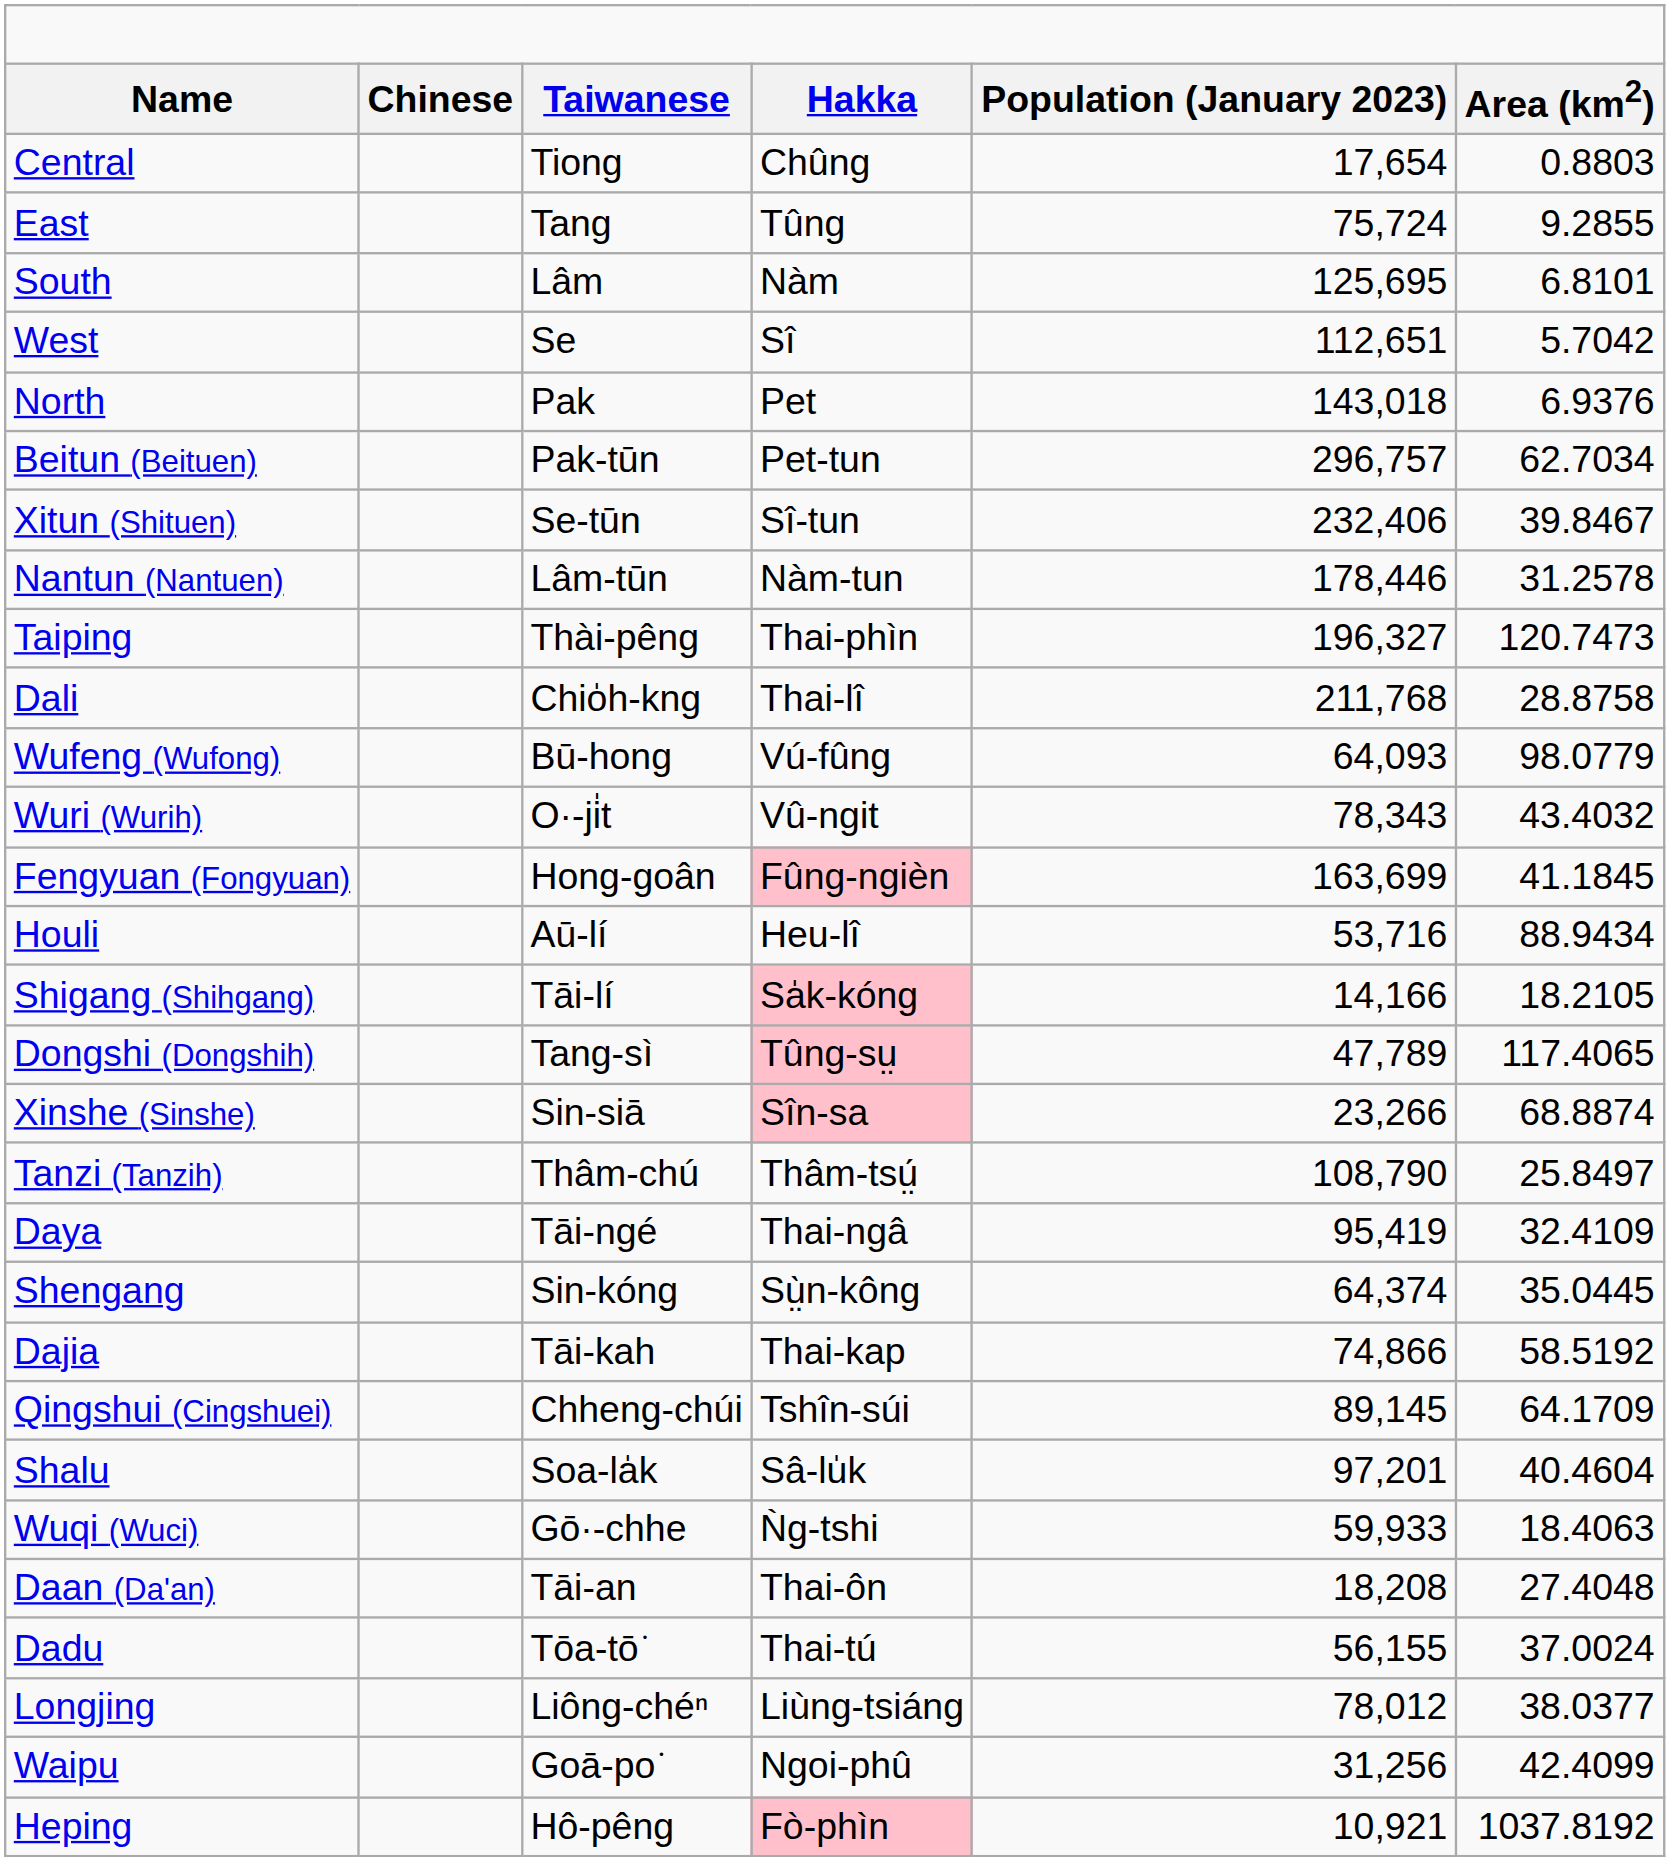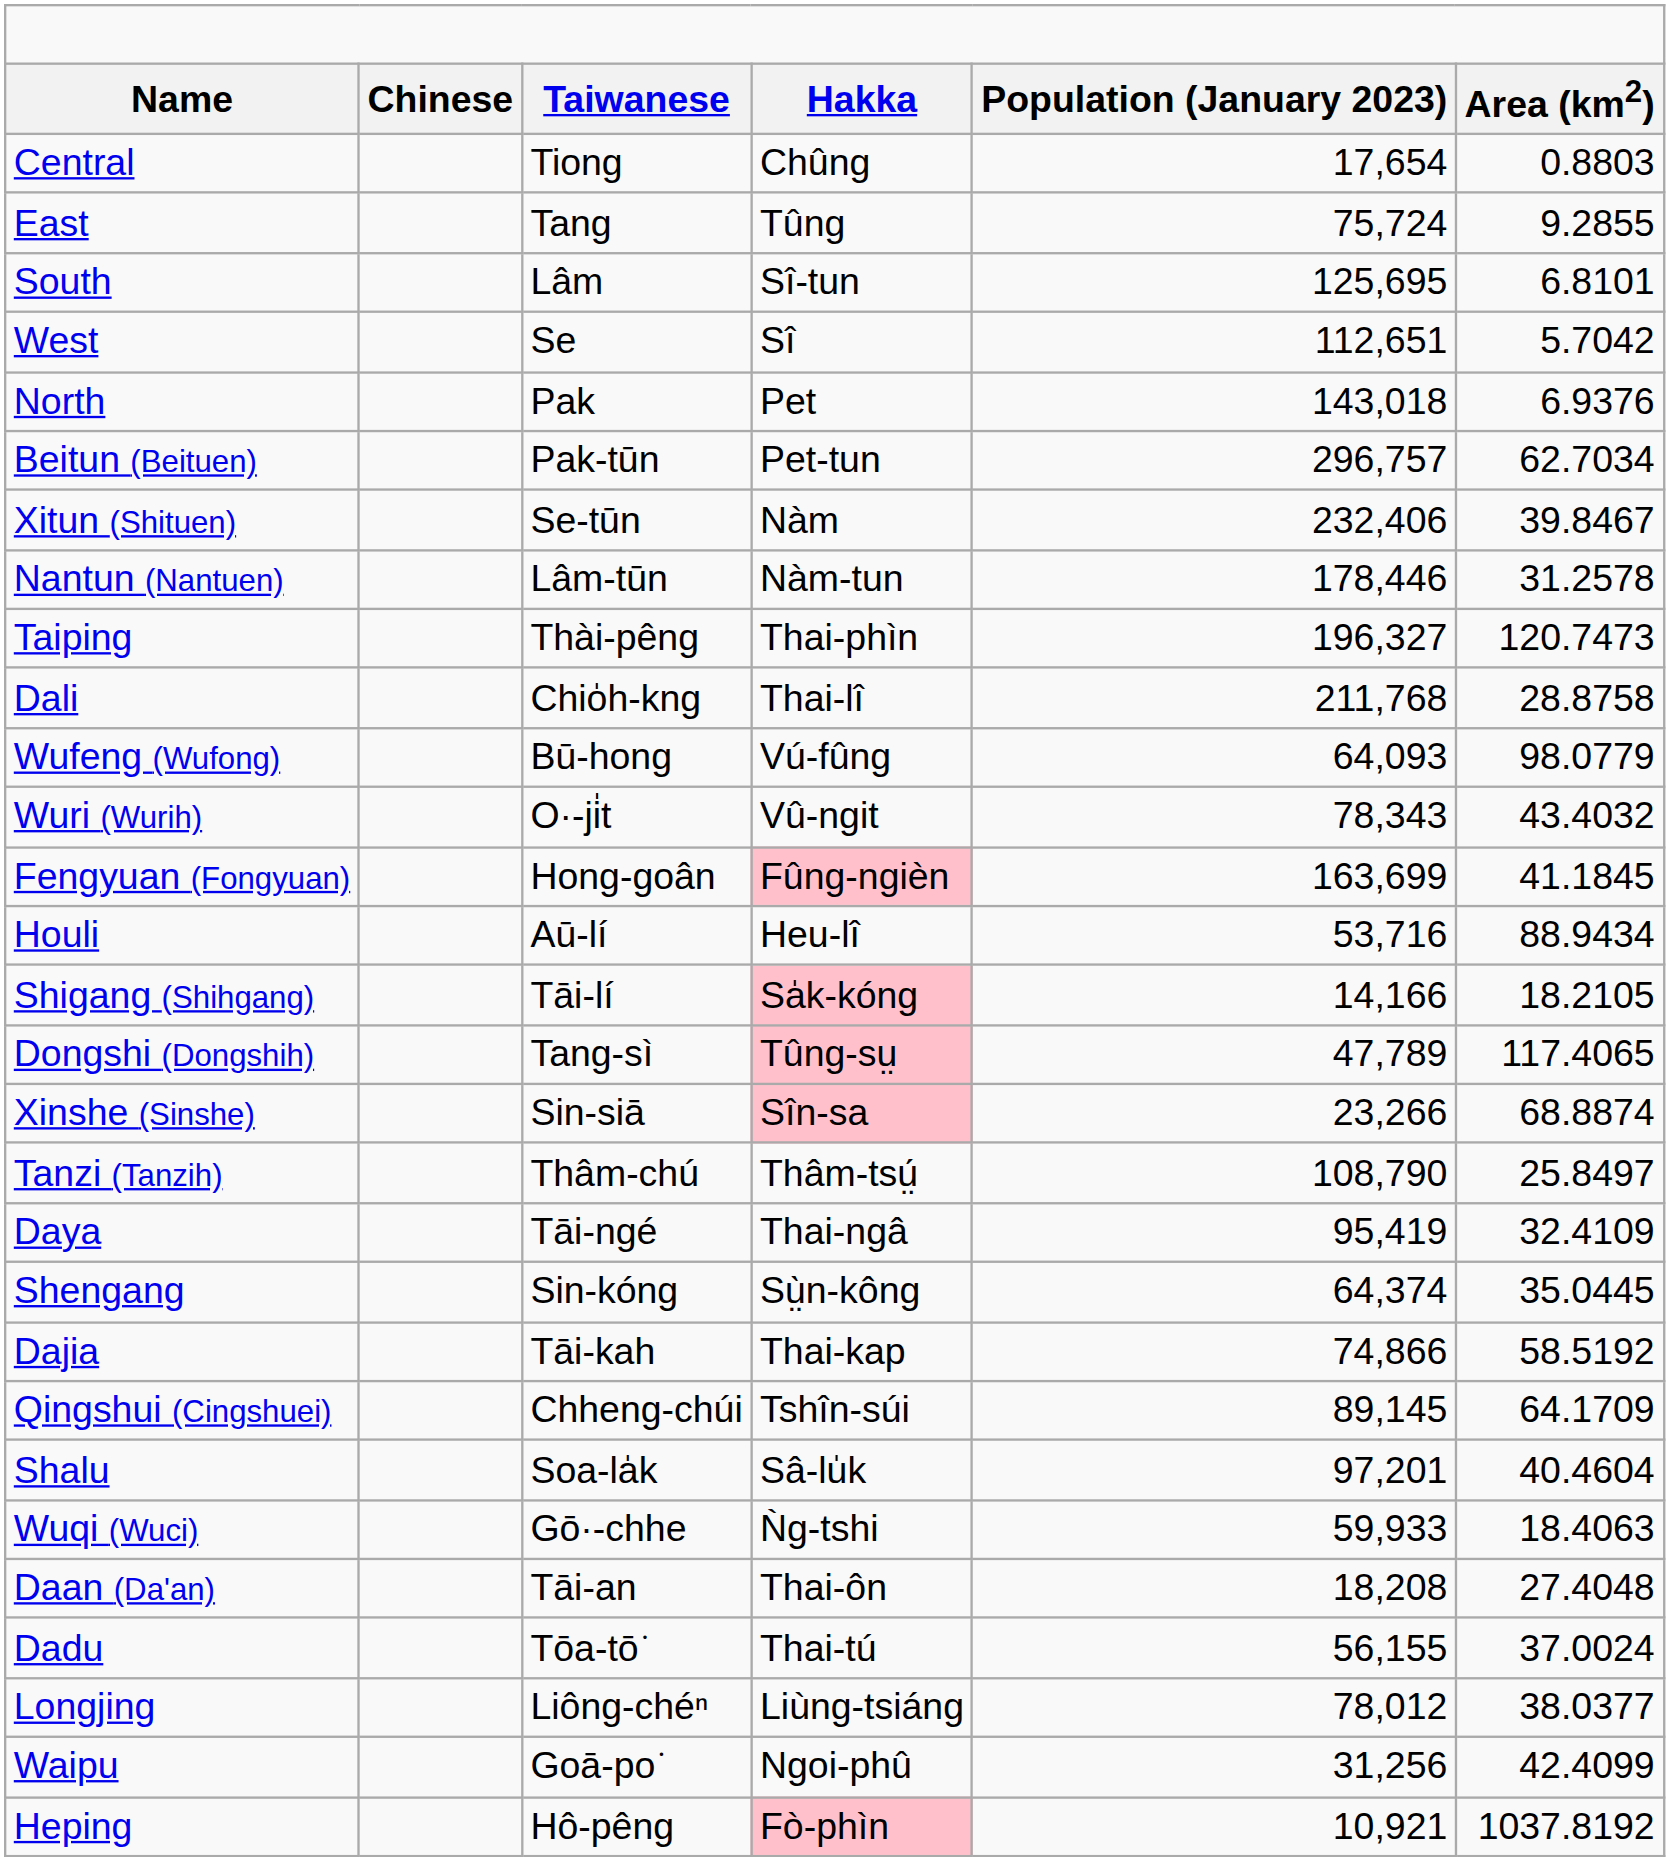 <table class=wikitable>
 <tr>
 <td colspan="6"><div><br>                                   </div></td>
 </tr>
 <tr>
 <th>Name</th>
 <th>Chinese</th>
 <th><a href='#'>Taiwanese</a></th>
 <th><a href='#'>Hakka</a></th>
 <th>Population (January 2023)</th>
 <th>Area (km<sup>2</sup>)</th>
 </tr>
 <tr>
 <td><a href='#'>Central</a></td>
 <td></td>
 <td>Tiong</td>
 <td>Chûng</td>
 <td align=right>17,654</td>
 <td align=right>0.8803</td>
 </tr>
 <tr>
 <td><a href='#'>East</a></td>
 <td></td>
 <td>Tang</td>
 <td>Tûng</td>
 <td align=right>75,724</td>
 <td align=right>9.2855</td>
 </tr>
 <tr>
 <td><a href='#'>South</a></td>
 <td></td>
 <td>Lâm</td>
-<td>Nàm</td>
+<td>Sî-tun</td>
 <td align=right>125,695</td>
 <td align=right>6.8101</td>
 </tr>
 <tr>
 <td><a href='#'>West</a></td>
 <td></td>
 <td>Se</td>
 <td>Sî</td>
 <td align=right>112,651</td>
 <td align=right>5.7042</td>
 </tr>
 <tr>
 <td><a href='#'>North</a></td>
 <td></td>
 <td>Pak</td>
 <td>Pet</td>
 <td align=right>143,018</td>
 <td align=right>6.9376</td>
 </tr>
 <tr>
 <td><a href='#'>Beitun <small>(Beituen)</small></a></td>
 <td></td>
 <td>Pak-tūn</td>
 <td>Pet-tun</td>
 <td align=right>296,757</td>
 <td align=right>62.7034</td>
 </tr>
 <tr>
 <td><a href='#'>Xitun <small>(Shituen)</small></a></td>
 <td></td>
 <td>Se-tūn</td>
-<td>Sî-tun</td>
+<td>Nàm</td>
 <td align=right>232,406</td>
 <td align=right>39.8467</td>
 </tr>
 <tr>
 <td><a href='#'>Nantun <small>(Nantuen)</small></a></td>
 <td></td>
 <td>Lâm-tūn</td>
 <td>Nàm-tun</td>
 <td align=right>178,446</td>
 <td align=right>31.2578</td>
 </tr>
 <tr>
 <td><a href='#'>Taiping</a></td>
 <td></td>
 <td>Thài-pêng</td>
 <td>Thai-phìn</td>
 <td align=right>196,327</td>
 <td align=right>120.7473</td>
 </tr>
 <tr>
 <td><a href='#'>Dali</a></td>
 <td></td>
 <td>Chio̍h-kng</td>
 <td>Thai-lî</td>
 <td align=right>211,768</td>
 <td align=right>28.8758</td>
 </tr>
 <tr>
 <td><a href='#'>Wufeng <small>(Wufong)</small></a></td>
 <td></td>
 <td>Bū-hong</td>
 <td>Vú-fûng</td>
 <td align=right>64,093</td>
 <td align=right>98.0779</td>
 </tr>
 <tr>
 <td><a href='#'>Wuri <small>(Wurih)</small></a></td>
 <td></td>
 <td>O·-ji̍t</td>
 <td>Vû-ngit</td>
 <td align=right>78,343</td>
 <td align=right>43.4032</td>
 </tr>
 <tr>
 <td><a href='#'>Fengyuan <small>(Fongyuan)</small></a></td>
 <td></td>
 <td>Hong-goân</td>
 <td bgcolor=pink>Fûng-ngièn</td>
 <td align=right>163,699</td>
 <td align=right>41.1845</td>
 </tr>
 <tr>
 <td><a href='#'>Houli</a></td>
 <td></td>
 <td>Aū-lí</td>
 <td>Heu-lî</td>
 <td align=right>53,716</td>
 <td align=right>88.9434</td>
 </tr>
 <tr>
 <td><a href='#'>Shigang <small>(Shihgang)</small></a></td>
 <td></td>
 <td>Tāi-lí</td>
 <td bgcolor=pink>Sa̍k-kóng</td>
 <td align=right>14,166</td>
 <td align=right>18.2105</td>
 </tr>
 <tr>
 <td><a href='#'>Dongshi <small>(Dongshih)</small></a></td>
 <td></td>
 <td>Tang-sì</td>
 <td bgcolor=pink>Tûng-sṳ</td>
 <td align=right>47,789</td>
 <td align=right>117.4065</td>
 </tr>
 <tr>
 <td><a href='#'>Xinshe <small>(Sinshe)</small></a></td>
 <td></td>
 <td>Sin-siā</td>
 <td bgcolor=pink>Sîn-sa</td>
 <td align=right>23,266</td>
 <td align=right>68.8874</td>
 </tr>
 <tr>
 <td><a href='#'>Tanzi <small>(Tanzih)</small></a></td>
 <td></td>
 <td>Thâm-chú</td>
 <td>Thâm-tsṳ́</td>
 <td align=right>108,790</td>
 <td align=right>25.8497</td>
 </tr>
 <tr>
 <td><a href='#'>Daya</a></td>
 <td></td>
 <td>Tāi-ngé</td>
 <td>Thai-ngâ</td>
 <td align=right>95,419</td>
 <td align=right>32.4109</td>
 </tr>
 <tr>
 <td><a href='#'>Shengang</a></td>
 <td></td>
 <td>Sin-kóng</td>
 <td>Sṳ̀n-kông</td>
 <td align=right>64,374</td>
 <td align=right>35.0445</td>
 </tr>
 <tr>
 <td><a href='#'>Dajia</a></td>
 <td></td>
 <td>Tāi-kah</td>
 <td>Thai-kap</td>
 <td align=right>74,866</td>
 <td align=right>58.5192</td>
 </tr>
 <tr>
 <td><a href='#'>Qingshui <small>(Cingshuei)</small></a></td>
 <td></td>
 <td>Chheng-chúi</td>
 <td>Tshîn-súi</td>
 <td align=right>89,145</td>
 <td align=right>64.1709</td>
 </tr>
 <tr>
 <td><a href='#'>Shalu</a></td>
 <td></td>
 <td>Soa-la̍k</td>
 <td>Sâ-lu̍k</td>
 <td align=right>97,201</td>
 <td align=right>40.4604</td>
 </tr>
 <tr>
 <td><a href='#'>Wuqi <small>(Wuci)</small></a></td>
 <td></td>
 <td>Gō·-chhe</td>
 <td>Ǹg-tshi</td>
 <td align=right>59,933</td>
 <td align=right>18.4063</td>
 </tr>
 <tr>
 <td><a href='#'>Daan <small>(Da'an)</small></a></td>
 <td></td>
 <td>Tāi-an</td>
 <td>Thai-ôn</td>
 <td align=right>18,208</td>
 <td align=right>27.4048</td>
 </tr>
 <tr>
 <td><a href='#'>Dadu</a></td>
 <td></td>
 <td>Tōa-tō͘</td>
 <td>Thai-tú</td>
 <td align=right>56,155</td>
 <td align=right>37.0024</td>
 </tr>
 <tr>
 <td><a href='#'>Longjing</a></td>
 <td></td>
 <td>Liông-chéⁿ</td>
 <td>Liùng-tsiáng</td>
 <td align=right>78,012</td>
 <td align=right>38.0377</td>
 </tr>
 <tr>
 <td><a href='#'>Waipu</a></td>
 <td></td>
 <td>Goā-po͘</td>
 <td>Ngoi-phû</td>
 <td align=right>31,256</td>
 <td align=right>42.4099</td>
 </tr>
 <tr>
 <td><a href='#'>Heping</a></td>
 <td></td>
 <td>Hô-pêng</td>
 <td bgcolor=pink>Fò-phìn</td>
 <td align=right>10,921</td>
 <td align=right>1037.8192</td>
 </tr>
 </table>
